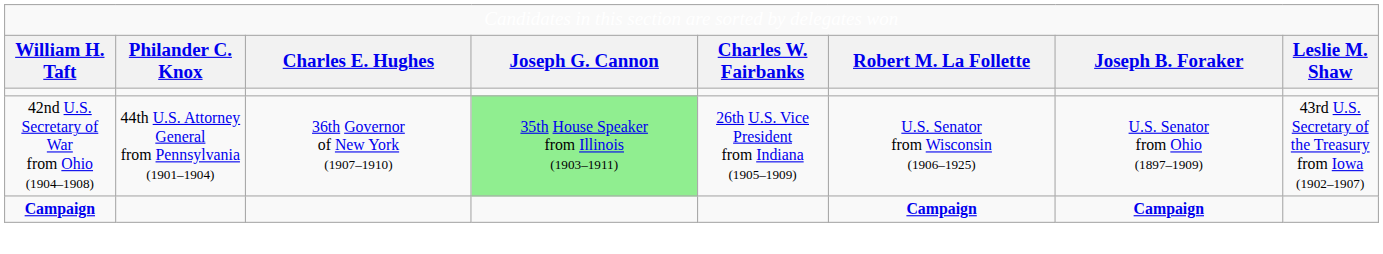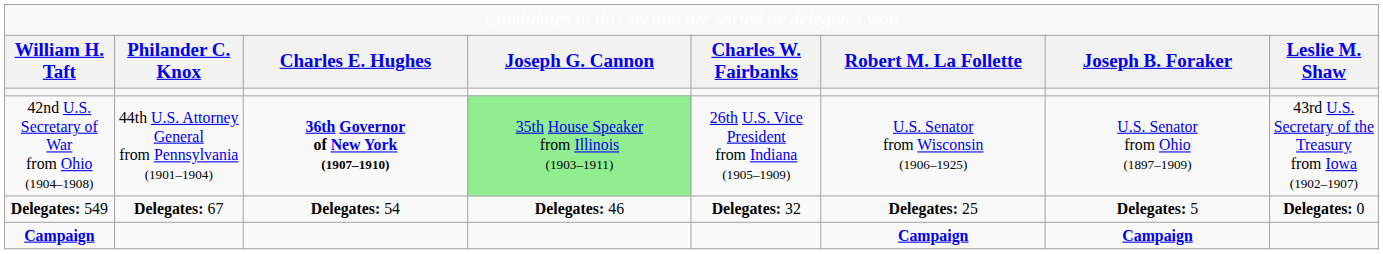 <table class="wikitable" style="font-size:90%">
 <tr>
 <td colspan="8" style="text-align:center; width:1500px; font-size:120%; color:white; background:"><em>Candidates in this section are sorted by delegates won</em></td>
 </tr>
 <tr>
 <th scope="col" style="width:3em; font-size:120%;"><a href='#'>William H. Taft</a></th>
 <th scope="col" style="width:3em; font-size:120%;"><a href='#'>Philander C. Knox</a></th>
 <th scope="col" style="width:9em; font-size:120%;"><a href='#'>Charles E. Hughes</a></th>
 <th scope="col" style="width:9em; font-size:120%;"><a href='#'>Joseph G. Cannon</a></th>
 <th scope="col" style="width:3em; font-size:120%;"><a href='#'>Charles W. Fairbanks</a></th>
 <th scope="col" style="width:9em; font-size:120%;"><a href='#'>Robert M. La Follette</a></th>
 <th scope="col" style="width:9em; font-size:120%;"><a href='#'>Joseph B. Foraker</a></th>
 <th scope="col" style="width:3em; font-size:120%;"><a href='#'>Leslie M. Shaw</a></th>
 </tr>
 <tr>
 <td></td>
 <td></td>
 <td></td>
 <td></td>
 <td></td>
 <td></td>
 <td></td>
 <td></td>
 </tr>
 <tr style="text-align:center">
 <td>42nd <a href='#'>U.S. Secretary of War</a><br>from <a href='#'>Ohio</a><br><small>(1904–1908)</small></td>
 <td>44th <a href='#'>U.S. Attorney General</a><br>from <a href='#'>Pennsylvania</a><br><small>(1901–1904)</small></td>
-<td><a href='#'>36th</a> <a href='#'>Governor</a><br>of <a href='#'>New York</a><br><small>(1907–1910)</small></td>
+<td><strong><a href='#'>36th</a> <a href='#'>Governor</a><br>of <a href='#'>New York</a><br><small>(1907–1910)</small></strong></td>
 <td style="background: lightgreen;"><a href='#'>35th</a> <a href='#'>House Speaker</a><br>from <a href='#'>Illinois</a><br><small>(1903–1911)</small></td>
 <td><a href='#'>26th</a> <a href='#'>U.S. Vice President</a><br>from <a href='#'>Indiana</a><br><small>(1905–1909)</small></td>
 <td><a href='#'>U.S. Senator</a><br>from <a href='#'>Wisconsin</a><br><small>(1906–1925)</small></td>
 <td><a href='#'>U.S. Senator</a><br>from <a href='#'>Ohio</a><br><small>(1897–1909)</small></td>
 <td>43rd <a href='#'>U.S. Secretary of the Treasury</a><br>from <a href='#'>Iowa</a><br><small>(1902–1907)</small></td>
+</tr>
+<tr style="text-align:center">
+<td><strong>Delegates:</strong> 549</td>
+<td><strong>Delegates:</strong> 67</td>
+<td><strong>Delegates:</strong> 54</td>
+<td><strong>Delegates:</strong> 46</td>
+<td><strong>Delegates:</strong> 32</td>
+<td><strong>Delegates:</strong> 25</td>
+<td><strong>Delegates:</strong> 5</td>
+<td><strong>Delegates:</strong> 0</td>
 </tr>
 <tr style="text-align:center">
 <td><a href='#'><strong>Campaign</strong></a></td>
 <td></td>
 <td></td>
 <td></td>
 <td></td>
 <td><a href='#'><strong>Campaign</strong></a></td>
 <td><a href='#'><strong>Campaign</strong></a></td>
 <td></td>
 </tr>
 </table>
